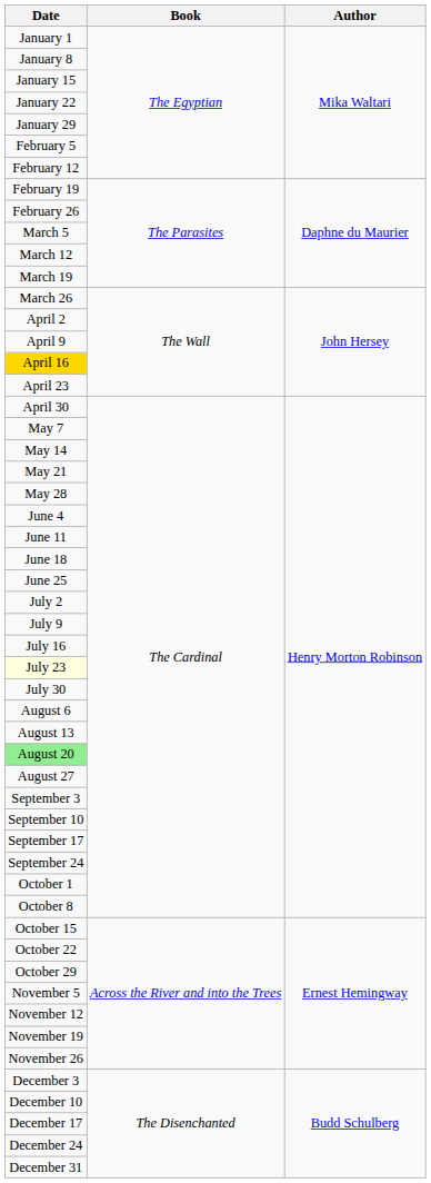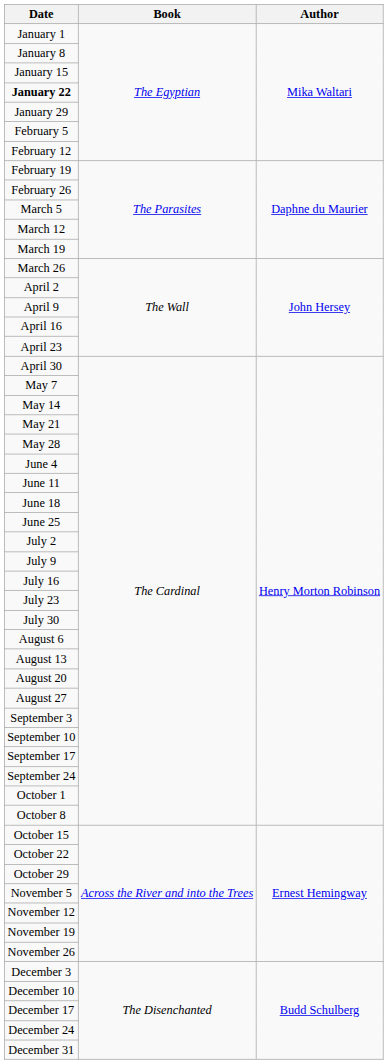 <table class="wikitable sortable" style="text-align: center">
 <tr>
 <th>Date</th>
 <th>Book</th>
 <th>Author</th>
 </tr>
 <tr>
 <td>January 1</td>
 <td rowspan=7><em><a href='#'>The Egyptian</a></em></td>
 <td rowspan=7><a href='#'>Mika Waltari</a></td>
 </tr>
 <tr>
 <td>January 8</td>
 </tr>
 <tr>
 <td>January 15</td>
 </tr>
 <tr>
-<td>January 22</td>
+<td><strong>January 22</strong></td>
 </tr>
 <tr>
 <td>January 29</td>
 </tr>
 <tr>
 <td>February 5</td>
 </tr>
 <tr>
 <td>February 12</td>
 </tr>
 <tr>
 <td>February 19</td>
 <td rowspan=5><em><a href='#'>The Parasites</a></em></td>
 <td rowspan=5><a href='#'>Daphne du Maurier</a></td>
 </tr>
 <tr>
 <td>February 26</td>
 </tr>
 <tr>
 <td>March 5</td>
 </tr>
 <tr>
 <td>March 12</td>
 </tr>
 <tr>
 <td>March 19</td>
 </tr>
 <tr>
 <td>March 26</td>
 <td rowspan=5><em>The Wall</em></td>
 <td rowspan=5><a href='#'>John Hersey</a></td>
 </tr>
 <tr>
 <td>April 2</td>
 </tr>
 <tr>
 <td>April 9</td>
 </tr>
 <tr>
-<td style="background: gold;">April 16</td>
+<td>April 16</td>
 </tr>
 <tr>
 <td>April 23</td>
 </tr>
 <tr>
 <td>April 30</td>
 <td rowspan=24><em>The Cardinal</em></td>
 <td rowspan=24><a href='#'>Henry Morton Robinson</a></td>
 </tr>
 <tr>
 <td>May 7</td>
 </tr>
 <tr>
 <td>May 14</td>
 </tr>
 <tr>
 <td>May 21</td>
 </tr>
 <tr>
 <td>May 28</td>
 </tr>
 <tr>
 <td>June 4</td>
 </tr>
 <tr>
 <td>June 11</td>
 </tr>
 <tr>
 <td>June 18</td>
 </tr>
 <tr>
 <td>June 25</td>
 </tr>
 <tr>
 <td>July 2</td>
 </tr>
 <tr>
 <td>July 9</td>
 </tr>
 <tr>
 <td>July 16</td>
 </tr>
 <tr>
-<td style="background: lightyellow;">July 23</td>
+<td>July 23</td>
 </tr>
 <tr>
 <td>July 30</td>
 </tr>
 <tr>
 <td>August 6</td>
 </tr>
 <tr>
 <td>August 13</td>
 </tr>
 <tr>
-<td style="background: lightgreen;">August 20</td>
+<td>August 20</td>
 </tr>
 <tr>
 <td>August 27</td>
 </tr>
 <tr>
 <td>September 3</td>
 </tr>
 <tr>
 <td>September 10</td>
 </tr>
 <tr>
 <td>September 17</td>
 </tr>
 <tr>
 <td>September 24</td>
 </tr>
 <tr>
 <td>October 1</td>
 </tr>
 <tr>
 <td>October 8</td>
 </tr>
 <tr>
 <td>October 15</td>
 <td rowspan=7><em><a href='#'>Across the River and into the Trees</a></em></td>
 <td rowspan=7><a href='#'>Ernest Hemingway</a></td>
 </tr>
 <tr>
 <td>October 22</td>
 </tr>
 <tr>
 <td>October 29</td>
 </tr>
 <tr>
 <td>November 5</td>
 </tr>
 <tr>
 <td>November 12</td>
 </tr>
 <tr>
 <td>November 19</td>
 </tr>
 <tr>
 <td>November 26</td>
 </tr>
 <tr>
 <td>December 3</td>
 <td rowspan=5><em>The Disenchanted</em></td>
 <td rowspan=5><a href='#'>Budd Schulberg</a></td>
 </tr>
 <tr>
 <td>December 10</td>
 </tr>
 <tr>
 <td>December 17</td>
 </tr>
 <tr>
 <td>December 24</td>
 </tr>
 <tr>
 <td>December 31</td>
 </tr>
 </table>
